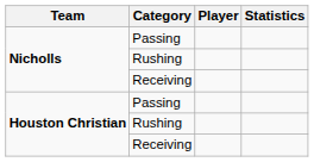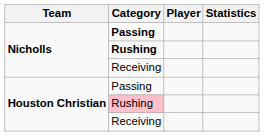 <table class="wikitable" style="float: right;">
 <tr>
 <th>Team</th>
 <th>Category</th>
 <th>Player</th>
 <th>Statistics</th>
 </tr>
 <tr>
 <td rowspan=3><strong>Nicholls</strong></td>
-<td>Passing</td>
+<td><strong>Passing</strong></td>
 <td></td>
 <td></td>
 </tr>
 <tr>
-<td>Rushing</td>
+<td><strong>Rushing</strong></td>
 <td></td>
 <td></td>
 </tr>
 <tr>
 <td>Receiving</td>
 <td></td>
 <td></td>
 </tr>
 <tr>
 <td rowspan=3><strong>Houston Christian</strong></td>
 <td>Passing</td>
 <td></td>
 <td></td>
 </tr>
 <tr>
-<td>Rushing</td>
+<td style="background: pink;">Rushing</td>
 <td></td>
 <td></td>
 </tr>
 <tr>
 <td>Receiving</td>
 <td></td>
 <td></td>
 </tr>
 </table>
